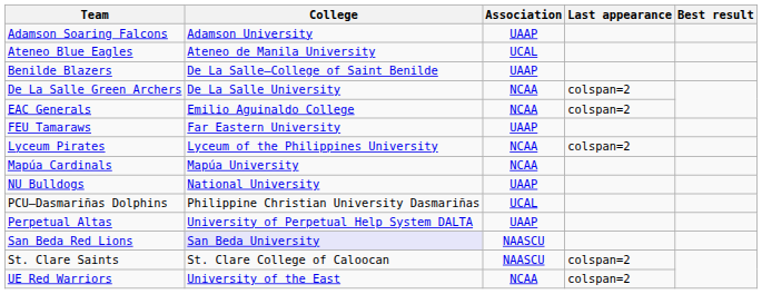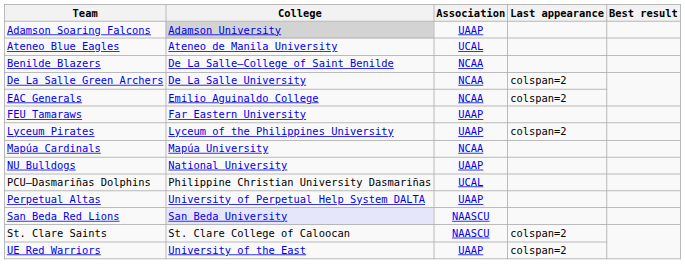 <table class="wikitable sortable">
 <tr>
 <th>Team</th>
 <th>College</th>
 <th>Association</th>
 <th>Last appearance</th>
 <th>Best result</th>
 </tr>
 <tr>
 <td><a href='#'>Adamson Soaring Falcons</a></td>
-<td><a href='#'>Adamson University</a></td>
+<td style="background: lightgrey;"><a href='#'>Adamson University</a></td>
 <td align=center><a href='#'>UAAP</a></td>
 <td align=center></td>
 <td align=center></td>
 </tr>
 <tr>
 <td><a href='#'>Ateneo Blue Eagles</a></td>
 <td><a href='#'>Ateneo de Manila University</a></td>
 <td align=center><a href='#'>UCAL</a></td>
 <td align=center></td>
 <td align=center></td>
 </tr>
 <tr>
 <td><a href='#'>Benilde Blazers</a></td>
 <td><a href='#'>De La Salle–College of Saint Benilde</a></td>
-<td align=center><a href='#'>UAAP</a></td>
+<td align=center><a href='#'>NCAA</a></td>
 <td align=center></td>
 <td align=center></td>
 </tr>
 <tr>
 <td><a href='#'>De La Salle Green Archers</a></td>
 <td><a href='#'>De La Salle University</a></td>
 <td align=center><a href='#'>NCAA</a></td>
 <td>colspan=2 </td>
 </tr>
 <tr>
 <td><a href='#'>EAC Generals</a></td>
 <td><a href='#'>Emilio Aguinaldo College</a></td>
 <td align=center><a href='#'>NCAA</a></td>
 <td>colspan=2 </td>
 </tr>
 <tr>
 <td><a href='#'>FEU Tamaraws</a></td>
 <td><a href='#'>Far Eastern University</a></td>
 <td align=center><a href='#'>UAAP</a></td>
 <td align=center></td>
 <td align=center></td>
 </tr>
 <tr>
 <td><a href='#'>Lyceum Pirates</a></td>
 <td><a href='#'>Lyceum of the Philippines University</a></td>
-<td align=center><a href='#'>NCAA</a></td>
+<td align=center><a href='#'>UAAP</a></td>
 <td>colspan=2 </td>
 </tr>
 <tr>
 <td><a href='#'>Mapúa Cardinals</a></td>
 <td><a href='#'>Mapúa University</a></td>
 <td align=center><a href='#'>NCAA</a></td>
 <td align=center></td>
 <td align=center></td>
 </tr>
 <tr>
 <td><a href='#'>NU Bulldogs</a></td>
 <td><a href='#'>National University</a></td>
 <td align=center><a href='#'>UAAP</a></td>
 <td align=center></td>
 <td align=center></td>
 </tr>
 <tr>
 <td>PCU–Dasmariñas Dolphins</td>
 <td>Philippine Christian University Dasmariñas</td>
 <td align=center><a href='#'>UCAL</a></td>
 <td align=center></td>
 <td align=center></td>
 </tr>
 <tr>
 <td><a href='#'>Perpetual Altas</a></td>
 <td><a href='#'>University of Perpetual Help System DALTA</a></td>
 <td align=center><a href='#'>UAAP</a></td>
 <td align=center></td>
 <td align=center></td>
 </tr>
 <tr>
 <td><a href='#'>San Beda Red Lions</a></td>
 <td style="background: lavender;"><a href='#'>San Beda University</a></td>
 <td align=center><a href='#'>NAASCU</a></td>
 <td align=center></td>
 <td align=center></td>
 </tr>
 <tr>
 <td>St. Clare Saints</td>
 <td>St. Clare College of Caloocan</td>
 <td align=center><a href='#'>NAASCU</a></td>
 <td>colspan=2 </td>
 </tr>
 <tr>
 <td><a href='#'>UE Red Warriors</a></td>
 <td><a href='#'>University of the East</a></td>
-<td align=center><a href='#'>NCAA</a></td>
+<td align=center><a href='#'>UAAP</a></td>
 <td>colspan=2 </td>
 </tr>
 </table>
